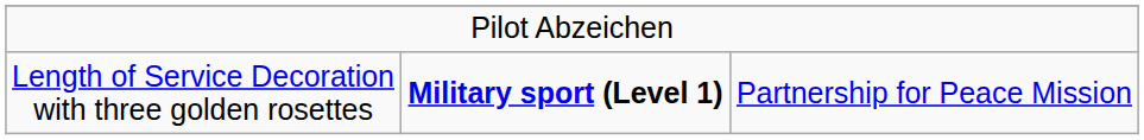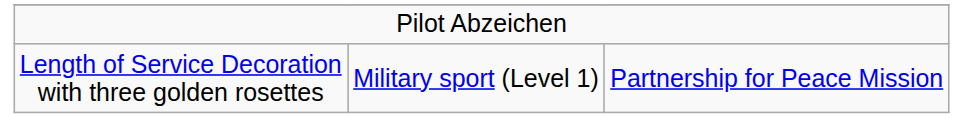 <table class="wikitable" style="margin:1em auto; text-align:center;">
 <tr>
 </tr>
 <tr>
 <td colspan=3>Pilot Abzeichen</td>
 </tr>
 <tr>
 <td><a href='#'>Length of Service Decoration</a><br>with three golden rosettes</td>
-<td><strong><a href='#'>Military sport</a> (Level 1)</strong></td>
+<td><a href='#'>Military sport</a> (Level 1)</td>
 <td><a href='#'>Partnership for Peace Mission</a></td>
 </tr>
 </table>
